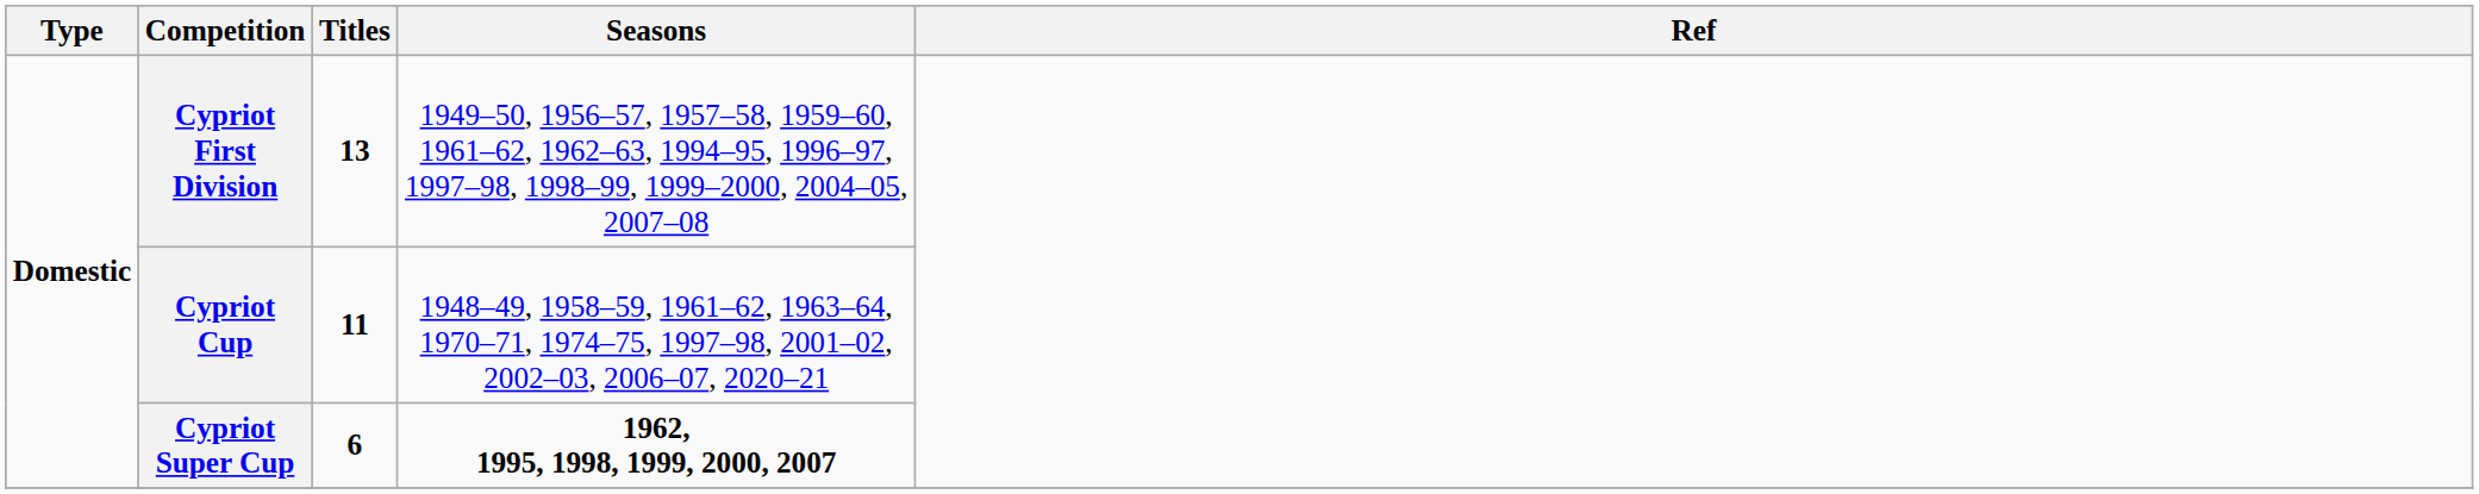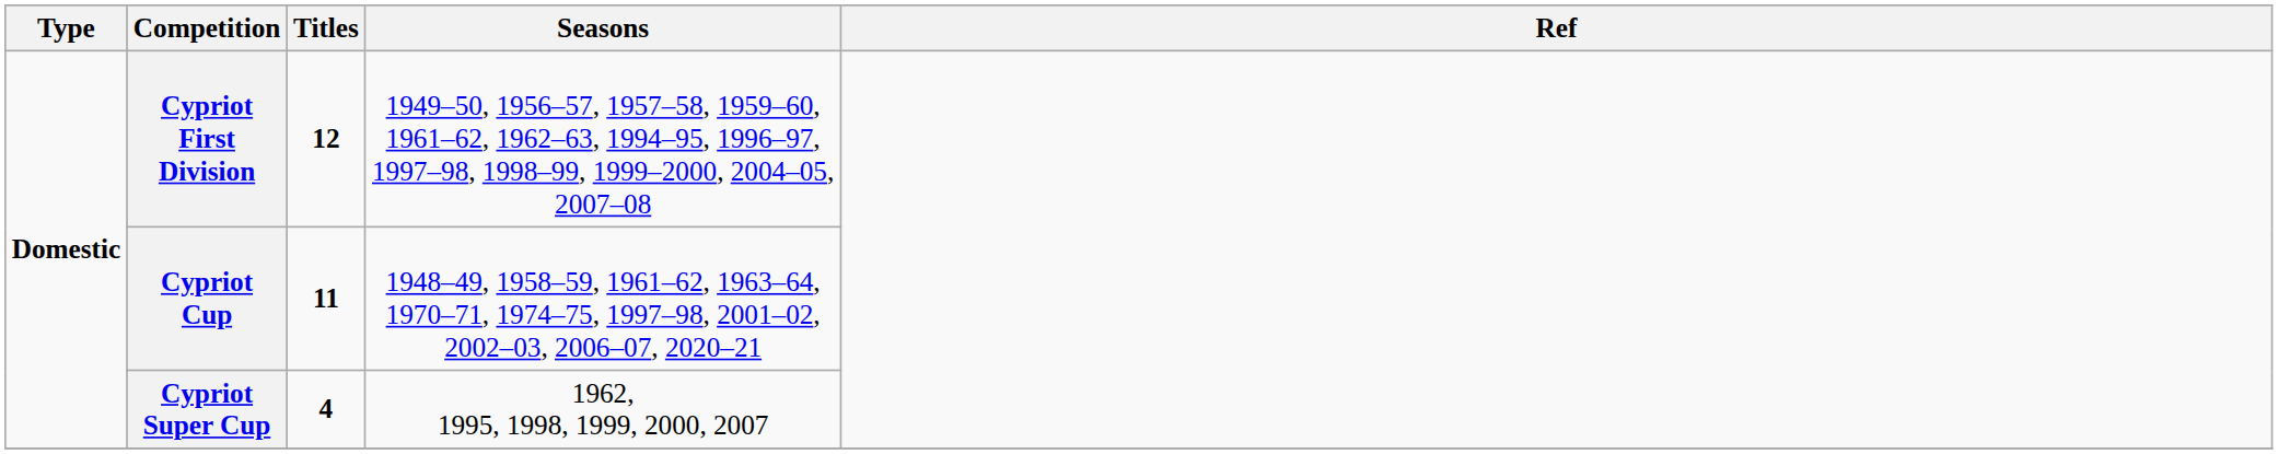 <table class="wikitable plainrowheaders" style="font-size:95%; text-align:center;">
 <tr>
 <th style="width: 1%;">Type</th>
 <th style="width: 5%;">Competition</th>
 <th style="width: 1%;">Titles</th>
 <th style="width: 21%;">Seasons</th>
 <th>Ref</th>
 </tr>
 <tr>
 <td rowspan="3"><strong>Domestic</strong></td>
 <th scope=col><a href='#'>Cypriot First Division</a></th>
-<td align="center"><strong>13</strong></td>
+<td align="center"><strong>12</strong></td>
 <td><br><a href='#'>1949–50</a>,  <a href='#'>1956–57</a>,  <a href='#'>1957–58</a>,  <a href='#'>1959–60</a>,  <a href='#'>1961–62</a>,  <a href='#'>1962–63</a>,  <a href='#'>1994–95</a>,  <a href='#'>1996–97</a>,  <a href='#'>1997–98</a>, <a href='#'>1998–99</a>,  <a href='#'>1999–2000</a>,  <a href='#'>2004–05</a>,  <a href='#'>2007–08</a></td>
 <td rowspan="3"></td>
 </tr>
 <tr>
 <th scope=col><a href='#'>Cypriot Cup</a></th>
 <td align="center"><strong>11</strong></td>
 <td><br><a href='#'>1948–49</a>, <a href='#'>1958–59</a>, <a href='#'>1961–62</a>, <a href='#'>1963–64</a>, <a href='#'>1970–71</a>, <a href='#'>1974–75</a>, <a href='#'>1997–98</a>, <a href='#'>2001–02</a>, <a href='#'>2002–03</a>, <a href='#'>2006–07</a>, <a href='#'>2020–21</a></td>
 </tr>
 <tr>
 <th scope=col><a href='#'>Cypriot Super Cup</a></th>
-<td align="center"><strong>6</strong></td>
-<td><strong>1962,<br>1995,  1998,  1999,  2000,  2007</strong></td>
+<td align="center"><strong>4</strong></td>
+<td>1962,<br>1995,  1998,  1999,  2000,  2007</td>
 </tr>
 <tr>
 </tr>
 </table>
